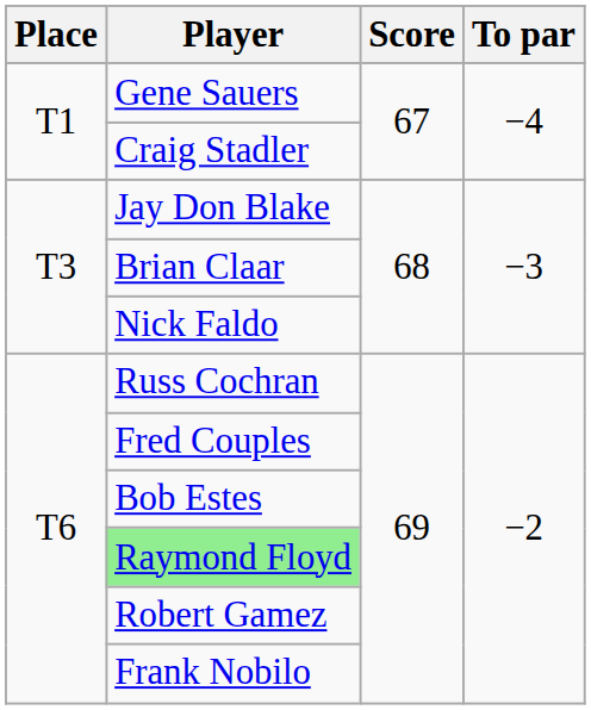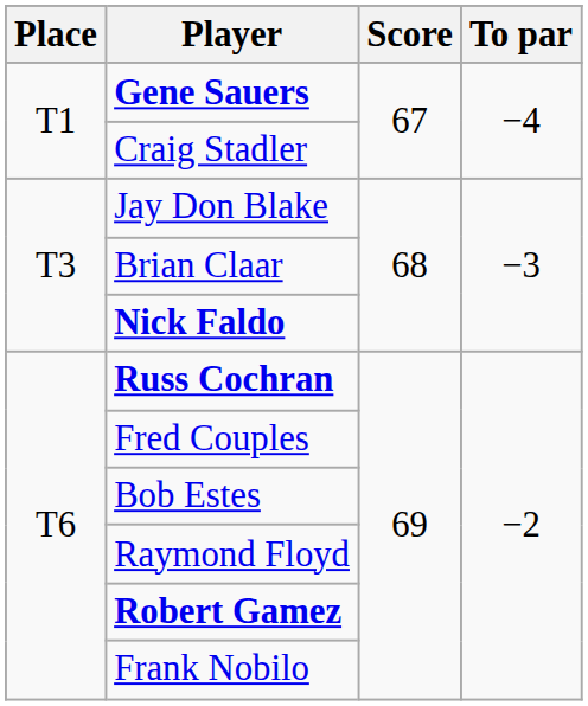 <table class="wikitable">
 <tr>
 <th>Place</th>
 <th>Player</th>
 <th>Score</th>
 <th>To par</th>
 </tr>
 <tr>
 <td rowspan="2" align=center>T1</td>
-<td> <a href='#'>Gene Sauers</a></td>
+<td><strong> <a href='#'>Gene Sauers</a></strong></td>
 <td rowspan="2" align=center>67</td>
 <td rowspan="2" align=center>−4</td>
 </tr>
 <tr>
 <td> <a href='#'>Craig Stadler</a></td>
 </tr>
 <tr>
 <td rowspan="3" align=center>T3</td>
 <td> <a href='#'>Jay Don Blake</a></td>
 <td rowspan="3" align=center>68</td>
 <td rowspan="3" align=center>−3</td>
 </tr>
 <tr>
 <td> <a href='#'>Brian Claar</a></td>
 </tr>
 <tr>
-<td> <a href='#'>Nick Faldo</a></td>
+<td><strong> <a href='#'>Nick Faldo</a></strong></td>
 </tr>
 <tr>
 <td rowspan="6" align=center>T6</td>
-<td> <a href='#'>Russ Cochran</a></td>
+<td><strong> <a href='#'>Russ Cochran</a></strong></td>
 <td rowspan="6" align=center>69</td>
 <td rowspan="6" align=center>−2</td>
 </tr>
 <tr>
 <td> <a href='#'>Fred Couples</a></td>
 </tr>
 <tr>
 <td> <a href='#'>Bob Estes</a></td>
 </tr>
 <tr>
-<td style="background: lightgreen;"> <a href='#'>Raymond Floyd</a></td>
+<td> <a href='#'>Raymond Floyd</a></td>
 </tr>
 <tr>
-<td> <a href='#'>Robert Gamez</a></td>
+<td><strong> <a href='#'>Robert Gamez</a></strong></td>
 </tr>
 <tr>
 <td> <a href='#'>Frank Nobilo</a></td>
 </tr>
 </table>
